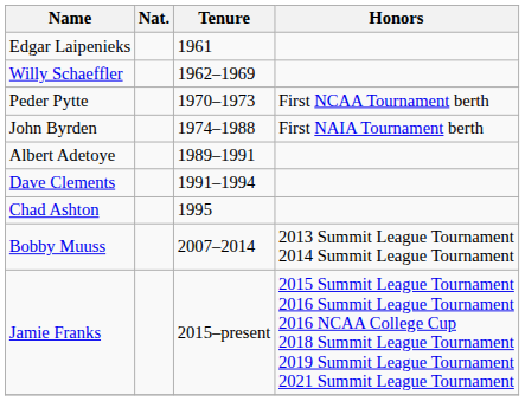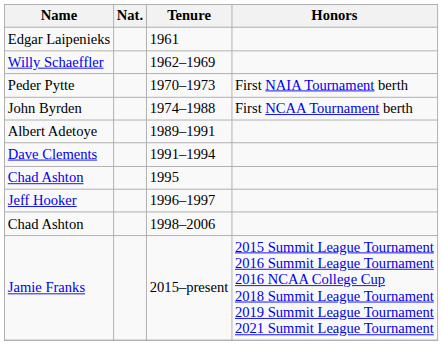 <table class="wikitable sortable" style="text-align: ">
 <tr>
 <th width=px>Name</th>
 <th width=px>Nat.</th>
 <th width=px>Tenure</th>
 <th width=px>Honors</th>
 </tr>
 <tr>
 <td align="left">Edgar Laipenieks</td>
 <td></td>
 <td>1961</td>
 <td></td>
 </tr>
 <tr>
 <td align="left"><a href='#'>Willy Schaeffler</a></td>
 <td></td>
 <td>1962–1969</td>
 <td></td>
 </tr>
 <tr>
 <td align="left">Peder Pytte</td>
 <td></td>
 <td>1970–1973</td>
-<td>First <a href='#'>NCAA Tournament</a> berth</td>
+<td>First <a href='#'>NAIA Tournament</a> berth</td>
 </tr>
 <tr>
 <td align="left">John Byrden</td>
 <td></td>
 <td>1974–1988</td>
-<td>First <a href='#'>NAIA Tournament</a> berth</td>
+<td>First <a href='#'>NCAA Tournament</a> berth</td>
 </tr>
 <tr>
 <td align="left">Albert Adetoye</td>
 <td></td>
 <td>1989–1991</td>
 <td></td>
 </tr>
 <tr>
 <td align="left"><a href='#'>Dave Clements</a></td>
 <td></td>
 <td>1991–1994</td>
 <td></td>
 </tr>
 <tr>
 <td align="left"><a href='#'>Chad Ashton</a></td>
 <td></td>
 <td>1995</td>
 <td></td>
 </tr>
 <tr>
-<td align="left"><a href='#'>Bobby Muuss</a></td>
+<td align="left"><a href='#'>Jeff Hooker</a></td>
 <td></td>
-<td>2007–2014</td>
-<td>2013 Summit League Tournament<br>2014 Summit League Tournament</td>
+<td>1996–1997</td>
+<td></td>
+</tr>
+<tr>
+<td align="left">Chad Ashton</td>
+<td></td>
+<td>1998–2006</td>
+<td></td>
 </tr>
 <tr>
 <td align="left"><a href='#'>Jamie Franks</a></td>
 <td></td>
 <td>2015–present</td>
 <td><a href='#'>2015 Summit League Tournament</a><br><a href='#'>2016 Summit League Tournament</a><br><a href='#'>2016 NCAA College Cup</a><br><a href='#'>2018 Summit League Tournament</a><br><a href='#'>2019 Summit League Tournament</a><br><a href='#'>2021 Summit League Tournament</a></td>
 </tr>
 <tr>
 </tr>
 </table>
